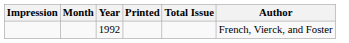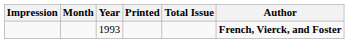 <table class="wikitable">
 <tr>
 <th>Impression</th>
 <th>Month</th>
 <th>Year</th>
 <th>Printed</th>
 <th>Total Issue</th>
 <th>Author</th>
 </tr>
 <tr>
 <td></td>
 <td></td>
-<td>1992</td>
+<td>1993</td>
 <td></td>
 <td></td>
-<td>French, Vierck, and Foster</td>
+<td><strong>French, Vierck, and Foster</strong></td>
 </tr>
 </table>
